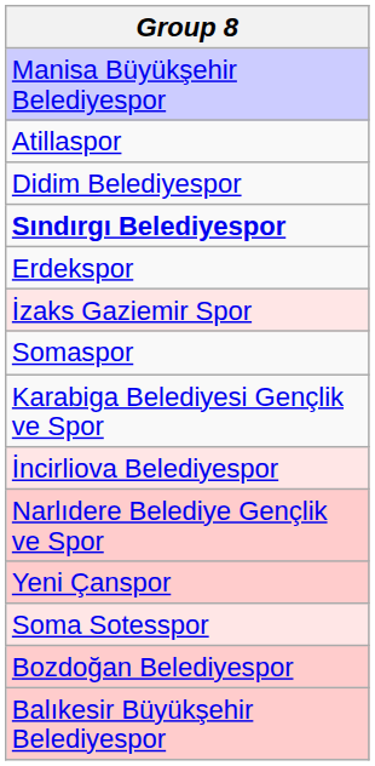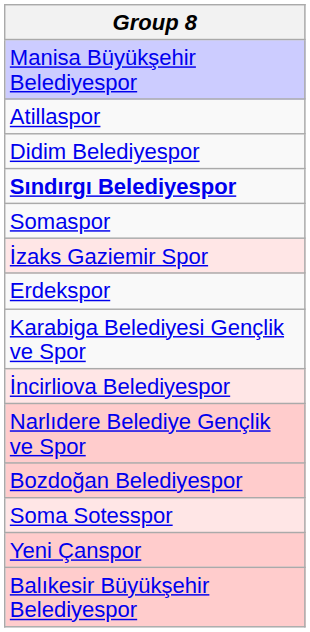 <table class="wikitable collapsible collapsed" style="font-size:95%;">
 <tr>
 <th colspan="1" width="200"><em>Group 8</em></th>
 </tr>
 <tr>
 <td style="background:#ccccff;"><a href='#'>Manisa Büyükşehir Belediyespor</a></td>
 </tr>
 <tr>
 <td><a href='#'>Atillaspor</a></td>
 </tr>
 <tr>
 <td><a href='#'>Didim Belediyespor</a></td>
 </tr>
 <tr>
 <td><strong><a href='#'>Sındırgı Belediyespor</a></strong></td>
 </tr>
 <tr>
-<td><a href='#'>Erdekspor</a></td>
+<td><a href='#'>Somaspor</a></td>
 </tr>
 <tr>
 <td style="background:#FFE6E6;"><a href='#'>İzaks Gaziemir Spor</a></td>
 </tr>
 <tr>
-<td><a href='#'>Somaspor</a></td>
+<td><a href='#'>Erdekspor</a></td>
 </tr>
 <tr>
 <td><a href='#'>Karabiga Belediyesi Gençlik ve Spor</a></td>
 </tr>
 <tr>
 <td style="background:#FFE6E6;"><a href='#'>İncirliova Belediyespor</a></td>
 </tr>
 <tr>
 <td style="background:#fcc;"><a href='#'>Narlıdere Belediye Gençlik ve Spor</a></td>
 </tr>
 <tr>
-<td style="background:#fcc;"><a href='#'>Yeni Çanspor</a></td>
+<td style="background:#fcc;"><a href='#'>Bozdoğan Belediyespor</a></td>
 </tr>
 <tr>
 <td style="background:#FFE6E6;"><a href='#'>Soma Sotesspor</a></td>
 </tr>
 <tr>
-<td style="background:#fcc;"><a href='#'>Bozdoğan Belediyespor</a></td>
+<td style="background:#fcc;"><a href='#'>Yeni Çanspor</a></td>
 </tr>
 <tr>
 <td style="background:#fcc;"><a href='#'>Balıkesir Büyükşehir Belediyespor</a></td>
 </tr>
 </table>
